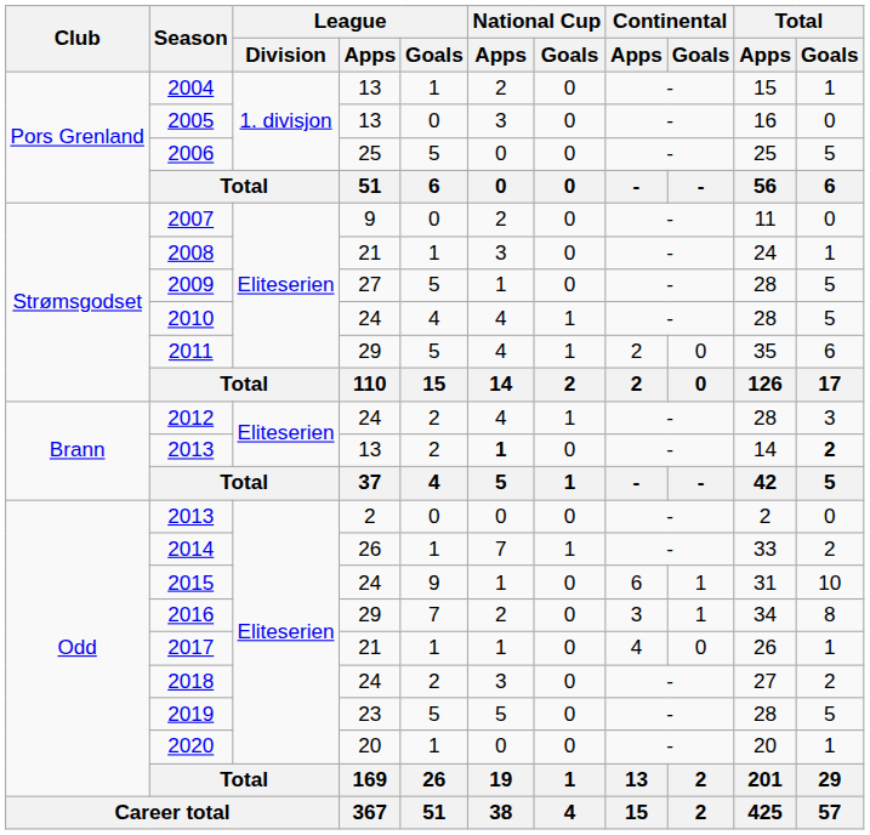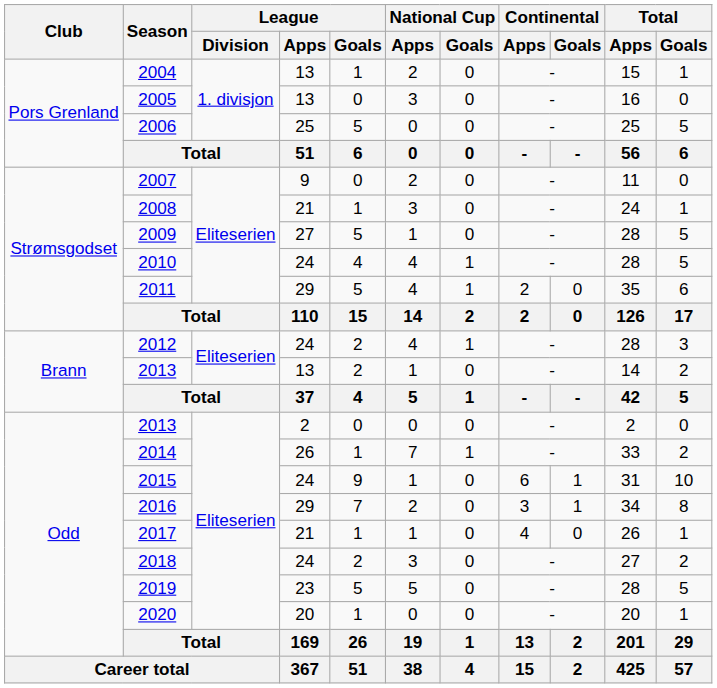 <table class="wikitable" style="text-align: center;">
 <tr>
 <th rowspan="2">Club</th>
 <th rowspan="2">Season</th>
 <th colspan="3">League</th>
 <th colspan="2">National Cup</th>
 <th colspan="2">Continental</th>
 <th colspan="2">Total</th>
 </tr>
 <tr>
 <th>Division</th>
 <th>Apps</th>
 <th>Goals</th>
 <th>Apps</th>
 <th>Goals</th>
 <th>Apps</th>
 <th>Goals</th>
 <th>Apps</th>
 <th>Goals</th>
 </tr>
 <tr>
 <td rowspan="4"><a href='#'>Pors Grenland</a></td>
 <td><a href='#'>2004</a></td>
 <td rowspan="3"><a href='#'>1. divisjon</a></td>
 <td>13</td>
 <td>1</td>
 <td>2</td>
 <td>0</td>
 <td colspan="2">-</td>
 <td>15</td>
 <td>1</td>
 </tr>
 <tr>
 <td><a href='#'>2005</a></td>
 <td>13</td>
 <td>0</td>
 <td>3</td>
 <td>0</td>
 <td colspan="2">-</td>
 <td>16</td>
 <td>0</td>
 </tr>
 <tr>
 <td><a href='#'>2006</a></td>
 <td>25</td>
 <td>5</td>
 <td>0</td>
 <td>0</td>
 <td colspan="2">-</td>
 <td>25</td>
 <td>5</td>
 </tr>
 <tr>
 <th colspan="2">Total</th>
 <th>51</th>
 <th>6</th>
 <th>0</th>
 <th>0</th>
 <th>-</th>
 <th>-</th>
 <th>56</th>
 <th>6</th>
 </tr>
 <tr>
 <td rowspan="6"><a href='#'>Strømsgodset</a></td>
 <td><a href='#'>2007</a></td>
 <td rowspan="5"><a href='#'>Eliteserien</a></td>
 <td>9</td>
 <td>0</td>
 <td>2</td>
 <td>0</td>
 <td colspan="2">-</td>
 <td>11</td>
 <td>0</td>
 </tr>
 <tr>
 <td><a href='#'>2008</a></td>
 <td>21</td>
 <td>1</td>
 <td>3</td>
 <td>0</td>
 <td colspan="2">-</td>
 <td>24</td>
 <td>1</td>
 </tr>
 <tr>
 <td><a href='#'>2009</a></td>
 <td>27</td>
 <td>5</td>
 <td>1</td>
 <td>0</td>
 <td colspan="2">-</td>
 <td>28</td>
 <td>5</td>
 </tr>
 <tr>
 <td><a href='#'>2010</a></td>
 <td>24</td>
 <td>4</td>
 <td>4</td>
 <td>1</td>
 <td colspan="2">-</td>
 <td>28</td>
 <td>5</td>
 </tr>
 <tr>
 <td><a href='#'>2011</a></td>
 <td>29</td>
 <td>5</td>
 <td>4</td>
 <td>1</td>
 <td>2</td>
 <td>0</td>
 <td>35</td>
 <td>6</td>
 </tr>
 <tr>
 <th colspan="2">Total</th>
 <th>110</th>
 <th>15</th>
 <th>14</th>
 <th>2</th>
 <th>2</th>
 <th>0</th>
 <th>126</th>
 <th>17</th>
 </tr>
 <tr>
 <td rowspan="3"><a href='#'>Brann</a></td>
 <td><a href='#'>2012</a></td>
 <td rowspan="2"><a href='#'>Eliteserien</a></td>
 <td>24</td>
 <td>2</td>
 <td>4</td>
 <td>1</td>
 <td colspan="2">-</td>
 <td>28</td>
 <td>3</td>
 </tr>
 <tr>
 <td><a href='#'>2013</a></td>
 <td>13</td>
 <td>2</td>
-<td><strong>1</strong></td>
+<td>1</td>
 <td>0</td>
 <td colspan="2">-</td>
 <td>14</td>
-<td><strong>2</strong></td>
+<td>2</td>
 </tr>
 <tr>
 <th colspan="2">Total</th>
 <th>37</th>
 <th>4</th>
 <th>5</th>
 <th>1</th>
 <th>-</th>
 <th>-</th>
 <th>42</th>
 <th>5</th>
 </tr>
 <tr>
 <td rowspan="9"><a href='#'>Odd</a></td>
 <td><a href='#'>2013</a></td>
 <td rowspan="8"><a href='#'>Eliteserien</a></td>
 <td>2</td>
 <td>0</td>
 <td>0</td>
 <td>0</td>
 <td colspan="2">-</td>
 <td>2</td>
 <td>0</td>
 </tr>
 <tr>
 <td><a href='#'>2014</a></td>
 <td>26</td>
 <td>1</td>
 <td>7</td>
 <td>1</td>
 <td colspan="2">-</td>
 <td>33</td>
 <td>2</td>
 </tr>
 <tr>
 <td><a href='#'>2015</a></td>
 <td>24</td>
 <td>9</td>
 <td>1</td>
 <td>0</td>
 <td>6</td>
 <td>1</td>
 <td>31</td>
 <td>10</td>
 </tr>
 <tr>
 <td><a href='#'>2016</a></td>
 <td>29</td>
 <td>7</td>
 <td>2</td>
 <td>0</td>
 <td>3</td>
 <td>1</td>
 <td>34</td>
 <td>8</td>
 </tr>
 <tr>
 <td><a href='#'>2017</a></td>
 <td>21</td>
 <td>1</td>
 <td>1</td>
 <td>0</td>
 <td>4</td>
 <td>0</td>
 <td>26</td>
 <td>1</td>
 </tr>
 <tr>
 <td><a href='#'>2018</a></td>
 <td>24</td>
 <td>2</td>
 <td>3</td>
 <td>0</td>
 <td colspan="2">-</td>
 <td>27</td>
 <td>2</td>
 </tr>
 <tr>
 <td><a href='#'>2019</a></td>
 <td>23</td>
 <td>5</td>
 <td>5</td>
 <td>0</td>
 <td colspan="2">-</td>
 <td>28</td>
 <td>5</td>
 </tr>
 <tr>
 <td><a href='#'>2020</a></td>
 <td>20</td>
 <td>1</td>
 <td>0</td>
 <td>0</td>
 <td colspan="2">-</td>
 <td>20</td>
 <td>1</td>
 </tr>
 <tr>
 <th colspan="2">Total</th>
 <th>169</th>
 <th>26</th>
 <th>19</th>
 <th>1</th>
 <th>13</th>
 <th>2</th>
 <th>201</th>
 <th>29</th>
 </tr>
 <tr>
 <th colspan="3">Career total</th>
 <th>367</th>
 <th>51</th>
 <th>38</th>
 <th>4</th>
 <th>15</th>
 <th>2</th>
 <th>425</th>
 <th>57</th>
 </tr>
 </table>
